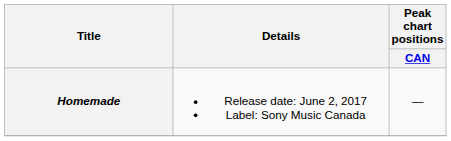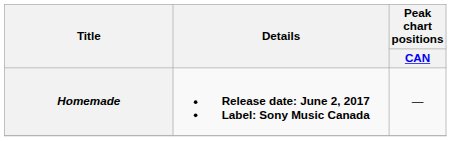 <table class="wikitable plainrowheaders" style="text-align:center">
 <tr>
 <th style="width:14em;" rowspan="2">Title</th>
 <th style="width:18em;" rowspan="2">Details</th>
 <th colspan="1">Peak chart<br>positions</th>
 </tr>
 <tr>
 <th style="width:4em;"><a href='#'>CAN</a><br></th>
 </tr>
 <tr>
 <th scope="row"><em>Homemade</em></th>
-<td><br><ul><li>Release date: June 2, 2017</li><li>Label: Sony Music Canada</li></ul></td>
+<td><strong><br><ul><li>Release date: June 2, 2017</li><li>Label: Sony Music Canada</li></ul></strong></td>
 <td>—</td>
 </tr>
 <tr>
 </tr>
 </table>
